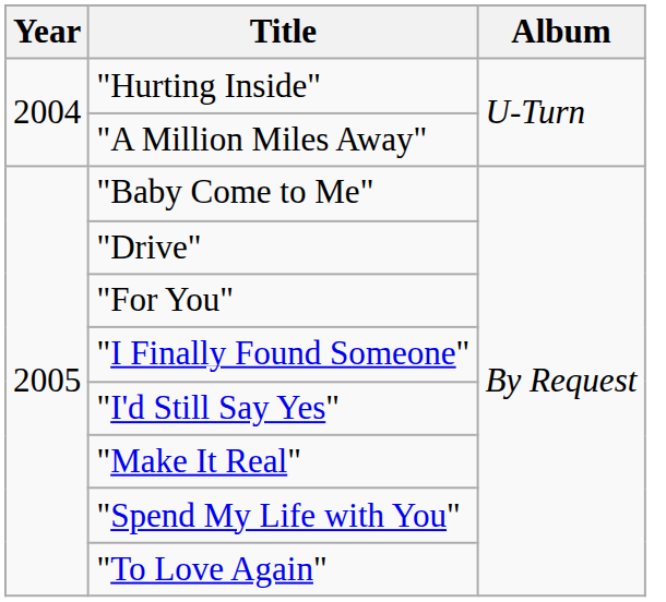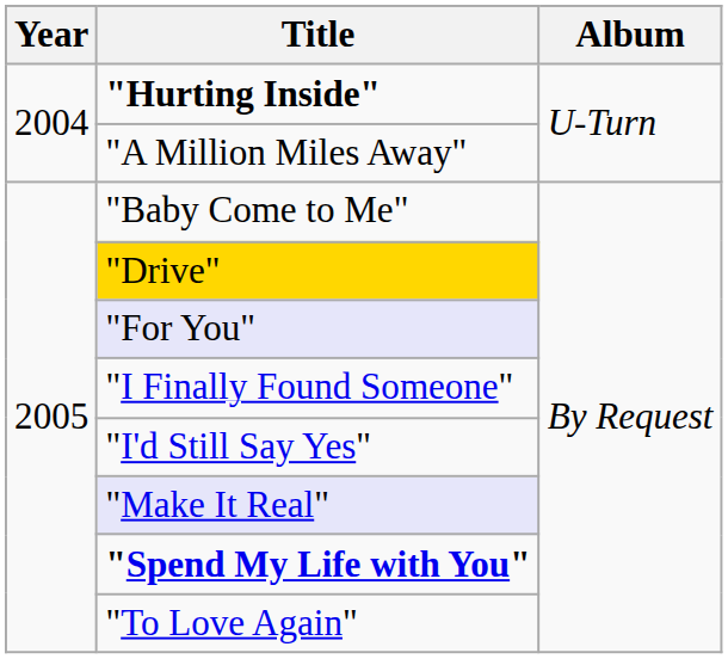 <table class="wikitable">
 <tr>
 <th>Year</th>
 <th>Title</th>
 <th>Album</th>
 </tr>
 <tr>
 <td rowspan="2">2004</td>
-<td>"Hurting Inside"</td>
+<td><strong>"Hurting Inside"</strong></td>
 <td rowspan="2"><em>U-Turn</em></td>
 </tr>
 <tr>
 <td>"A Million Miles Away"</td>
 </tr>
 <tr>
 <td rowspan="8">2005</td>
 <td>"Baby Come to Me"</td>
 <td rowspan="8"><em>By Request</em></td>
 </tr>
 <tr>
-<td>"Drive"</td>
+<td style="background: gold;">"Drive"</td>
 </tr>
 <tr>
-<td>"For You"</td>
+<td style="background: lavender;">"For You"</td>
 </tr>
 <tr>
 <td>"<a href='#'>I Finally Found Someone</a>"</td>
 </tr>
 <tr>
 <td>"<a href='#'>I'd Still Say Yes</a>"</td>
 </tr>
 <tr>
-<td>"<a href='#'>Make It Real</a>"</td>
+<td style="background: lavender;">"<a href='#'>Make It Real</a>"</td>
 </tr>
 <tr>
-<td>"<a href='#'>Spend My Life with You</a>"</td>
+<td><strong>"<a href='#'>Spend My Life with You</a>"</strong></td>
 </tr>
 <tr>
 <td>"<a href='#'>To Love Again</a>"</td>
 </tr>
 </table>
